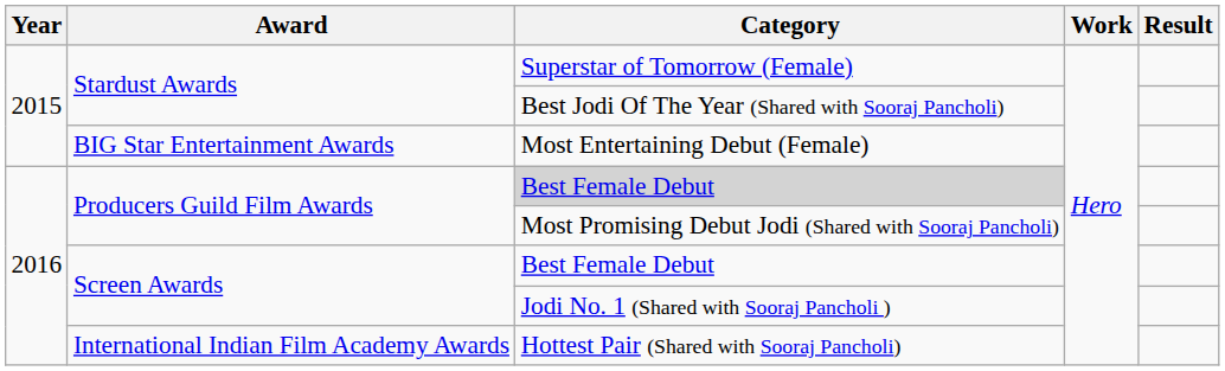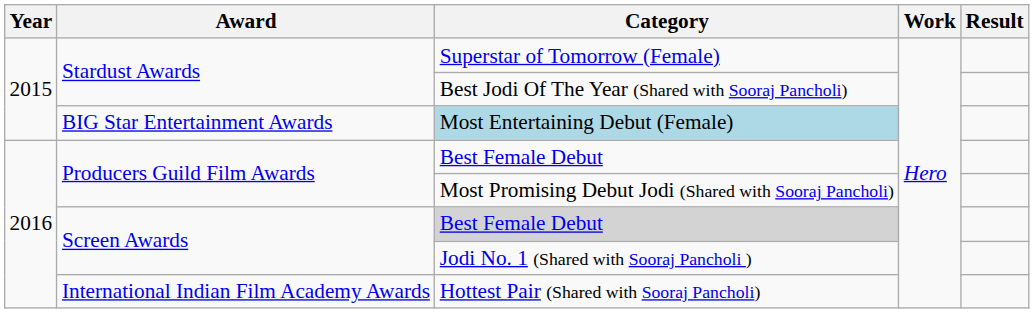 <table class="wikitable">
 <tr>
 <th>Year</th>
 <th>Award</th>
 <th>Category</th>
 <th>Work</th>
 <th>Result</th>
 </tr>
 <tr>
 <td rowspan="3">2015</td>
 <td rowspan="2"><a href='#'>Stardust Awards</a></td>
 <td><a href='#'>Superstar of Tomorrow (Female)</a></td>
 <td rowspan="11"><em><a href='#'>Hero</a></em></td>
 <td></td>
 </tr>
 <tr>
 <td>Best Jodi Of The Year <small>(Shared with <a href='#'>Sooraj Pancholi</a>)</small></td>
 <td></td>
 </tr>
 <tr>
 <td><a href='#'>BIG Star Entertainment Awards</a></td>
-<td>Most Entertaining Debut (Female)</td>
+<td style="background: lightblue;">Most Entertaining Debut (Female)</td>
 <td></td>
 </tr>
 <tr>
 <td rowspan="5">2016</td>
 <td rowspan="2"><a href='#'>Producers Guild Film Awards</a></td>
-<td style="background: lightgrey;"><a href='#'>Best Female Debut</a></td>
+<td><a href='#'>Best Female Debut</a></td>
 <td></td>
 </tr>
 <tr>
 <td>Most Promising Debut Jodi <small>(Shared with <a href='#'>Sooraj Pancholi</a>)</small></td>
 <td></td>
 </tr>
 <tr>
 <td rowspan="2"><a href='#'>Screen Awards</a></td>
-<td><a href='#'>Best Female Debut</a></td>
+<td style="background: lightgrey;"><a href='#'>Best Female Debut</a></td>
 <td></td>
 </tr>
 <tr>
 <td><a href='#'>Jodi No. 1</a> <small>(Shared with <a href='#'>Sooraj Pancholi </a>)</small></td>
 <td></td>
 </tr>
 <tr>
 <td><a href='#'>International Indian Film Academy Awards</a></td>
 <td><a href='#'>Hottest Pair</a> <small>(Shared with <a href='#'>Sooraj Pancholi</a>)</small></td>
 <td></td>
 </tr>
 </table>
